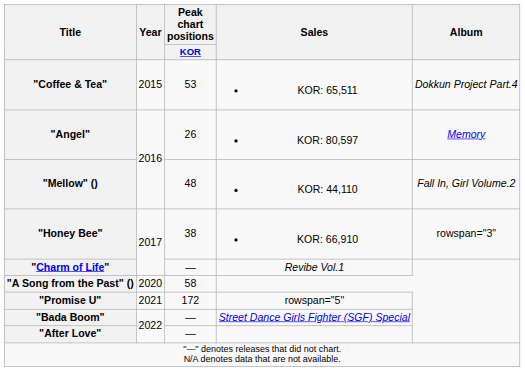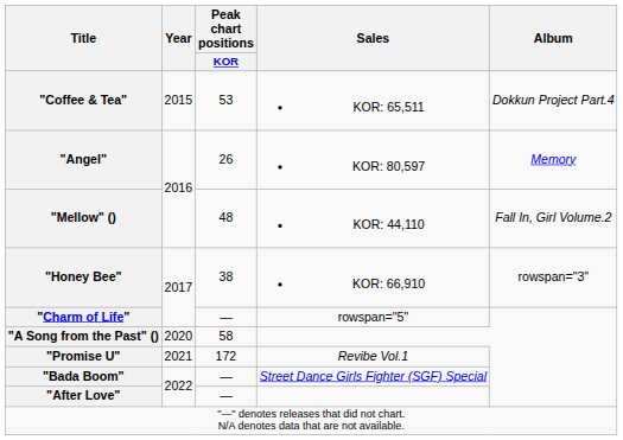 <table class="wikitable plainrowheaders" style="text-align:center">
 <tr>
 <th scope="col" rowspan="2">Title</th>
 <th scope="col" rowspan="2">Year</th>
 <th scope="col">Peak chart<br>positions</th>
 <th scope="col" rowspan="2">Sales</th>
 <th scope="col" rowspan="2">Album</th>
 </tr>
 <tr>
 <th scope="col" style="font-size:90%; width:2.5em"><a href='#'>KOR</a><br></th>
 </tr>
 <tr>
 <th scope="row">"Coffee & Tea" <br></th>
 <td>2015</td>
 <td>53</td>
 <td><br><ul><li>KOR: 65,511</li></ul></td>
 <td><em>Dokkun Project Part.4</em></td>
 </tr>
 <tr>
 <th scope="row">"Angel" <br></th>
 <td rowspan="2">2016</td>
 <td>26</td>
 <td><br><ul><li>KOR: 80,597</li></ul></td>
 <td><em><a href='#'>Memory</a></em></td>
 </tr>
 <tr>
 <th scope="row">"Mellow" () <br></th>
 <td>48</td>
 <td><br><ul><li>KOR: 44,110</li></ul></td>
 <td><em>Fall In, Girl Volume.2</em></td>
 </tr>
 <tr>
 <th scope="row">"Honey Bee" <br></th>
 <td rowspan="2">2017</td>
 <td>38</td>
 <td><br><ul><li>KOR: 66,910</li></ul></td>
 <td>rowspan="3" </td>
 </tr>
 <tr>
 <th scope="row">"<a href='#'>Charm of Life</a>" <br></th>
 <td>—</td>
-<td><em>Revibe Vol.1</em></td>
+<td>rowspan="5" </td>
 </tr>
 <tr>
 <th scope="row">"A Song from the Past" ()<br></th>
 <td>2020</td>
 <td>58</td>
 </tr>
 <tr>
 <th scope="row">"Promise U" </th>
 <td>2021</td>
 <td>172</td>
-<td>rowspan="5" </td>
+<td><em>Revibe Vol.1</em></td>
 </tr>
 <tr>
 <th scope="row">"Bada Boom" <br></th>
 <td rowspan="2">2022</td>
 <td>—</td>
 <td><em><a href='#'>Street Dance Girls Fighter (SGF) Special</a></em></td>
 </tr>
 <tr>
 <th scope="row">"After Love" <br></th>
 <td>—</td>
 <td></td>
 </tr>
 <tr>
 <td colspan="5" style="font-size:85%">"—" denotes releases that did not chart.<br>N/A denotes data that are not available.</td>
 </tr>
 </table>
